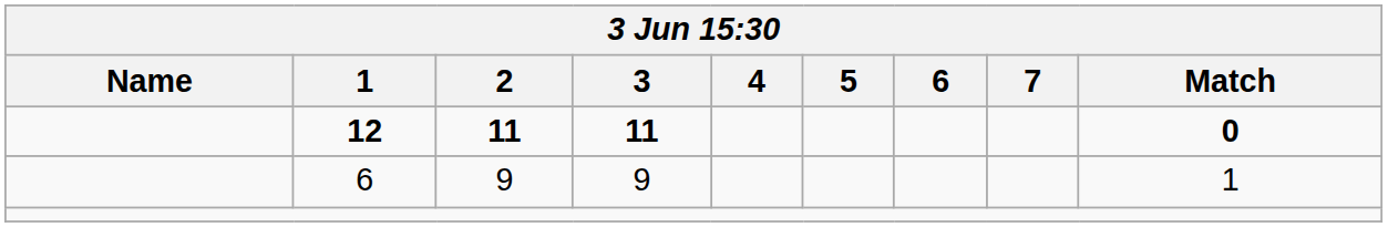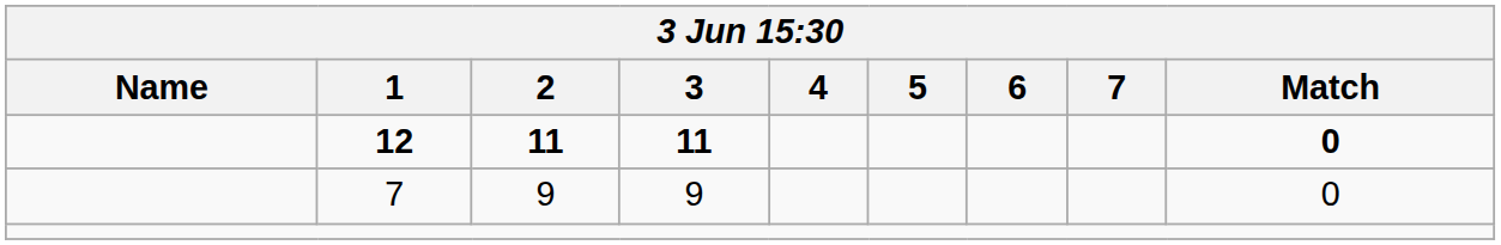 <table class=wikitable style="text-align:center; width: 55%">
 <tr>
 <th colspan=17><em> 3 Jun 15:30</em></th>
 </tr>
 <tr>
 <th>Name</th>
 <th>1</th>
 <th>2</th>
 <th>3</th>
 <th>4</th>
 <th>5</th>
 <th>6</th>
 <th>7</th>
 <th>Match</th>
 </tr>
 <tr>
 <td style="text-align:left;"><strong></strong></td>
 <td><strong>12</strong></td>
 <td><strong>11</strong></td>
 <td><strong>11</strong></td>
 <td></td>
 <td></td>
 <td></td>
 <td></td>
 <td><strong>0</strong></td>
 </tr>
 <tr>
 <td style="text-align:left;"></td>
-<td>6</td>
+<td>7</td>
 <td>9</td>
 <td>9</td>
 <td></td>
 <td></td>
 <td></td>
 <td></td>
-<td>1</td>
+<td>0</td>
 </tr>
 <tr>
 <td colspan=17></td>
 </tr>
 </table>
